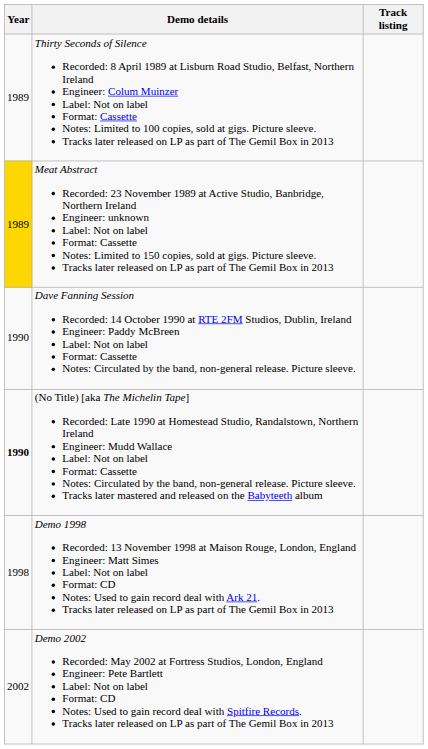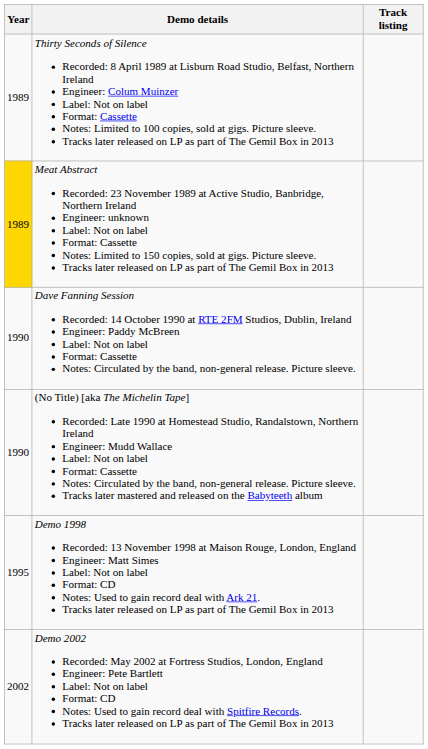 <table class="wikitable">
 <tr>
 <th width=33>Year</th>
 <th>Demo details</th>
 <th>Track listing</th>
 </tr>
 <tr>
 <td>1989</td>
 <td><em>Thirty Seconds of Silence</em><br><ul><li>Recorded: 8 April 1989 at Lisburn Road Studio, Belfast, Northern Ireland</li><li>Engineer: <a href='#'>Colum Muinzer</a></li><li>Label: Not on label</li><li>Format: <a href='#'>Cassette</a></li><li>Notes: Limited to 100 copies, sold at gigs. Picture sleeve.</li><li>Tracks later released on LP as part of The Gemil Box in 2013</li></ul></td>
 <td><br></td>
 </tr>
 <tr>
 <td style="background: gold;">1989</td>
 <td><em>Meat Abstract</em><br><ul><li>Recorded: 23 November 1989 at Active Studio, Banbridge, Northern Ireland</li><li>Engineer: unknown</li><li>Label: Not on label</li><li>Format: Cassette</li><li>Notes: Limited to 150 copies, sold at gigs. Picture sleeve.</li><li>Tracks later released on LP as part of The Gemil Box in 2013</li></ul></td>
 <td><br></td>
 </tr>
 <tr>
 <td>1990</td>
 <td><em>Dave Fanning Session</em><br><ul><li>Recorded: 14 October 1990 at <a href='#'>RTE 2FM</a> Studios, Dublin, Ireland</li><li>Engineer: Paddy McBreen</li><li>Label: Not on label</li><li>Format: Cassette</li><li>Notes: Circulated by the band, non-general release. Picture sleeve.</li></ul></td>
 <td><br></td>
 </tr>
 <tr>
-<td><strong>1990</strong></td>
+<td>1990</td>
 <td>(No Title) [aka <em>The Michelin Tape</em>]<br><ul><li>Recorded: Late 1990 at Homestead Studio, Randalstown, Northern Ireland</li><li>Engineer: Mudd Wallace</li><li>Label: Not on label</li><li>Format: Cassette</li><li>Notes: Circulated by the band, non-general release. Picture sleeve.</li><li>Tracks later mastered and released on the <a href='#'>Babyteeth</a> album</li></ul></td>
 <td><br></td>
 </tr>
 <tr>
-<td>1998</td>
+<td>1995</td>
 <td><em>Demo 1998</em><br><ul><li>Recorded: 13 November 1998 at Maison Rouge, London, England</li><li>Engineer: Matt Simes</li><li>Label: Not on label</li><li>Format: CD</li><li>Notes: Used to gain record deal with <a href='#'>Ark 21</a>.</li><li>Tracks later released on LP as part of The Gemil Box in 2013</li></ul></td>
 <td><br></td>
 </tr>
 <tr>
 <td>2002</td>
 <td><em>Demo 2002</em><br><ul><li>Recorded: May 2002 at Fortress Studios, London, England</li><li>Engineer: Pete Bartlett</li><li>Label: Not on label</li><li>Format: CD</li><li>Notes: Used to gain record deal with <a href='#'>Spitfire Records</a>.</li><li>Tracks later released on LP as part of The Gemil Box in 2013</li></ul></td>
 <td><br></td>
 </tr>
 </table>
